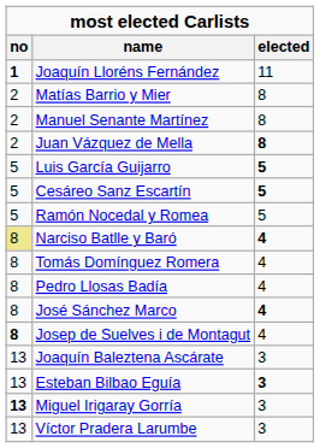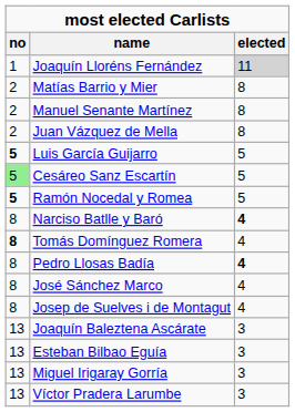 <table class=wikitable style="text-align:left; font-size:11px; float:right; margin:5px">
 <tr style="font-size: small;">
 <td colspan="12" style="text-align:center;"><strong>most elected Carlists</strong></td>
 </tr>
 <tr>
 <th>no</th>
 <th>name</th>
 <th>elected</th>
 </tr>
 <tr>
-<td><strong>1</strong></td>
+<td>1</td>
 <td><a href='#'>Joaquín Lloréns Fernández</a></td>
-<td>11</td>
+<td style="background: lightgrey;">11</td>
 </tr>
 <tr>
 <td>2</td>
 <td><a href='#'>Matías Barrio y Mier</a></td>
 <td>8</td>
 </tr>
 <tr>
 <td>2</td>
 <td><a href='#'>Manuel Senante Martínez</a></td>
 <td>8</td>
 </tr>
 <tr>
 <td>2</td>
 <td><a href='#'>Juan Vázquez de Mella</a></td>
-<td><strong>8</strong></td>
+<td>8</td>
 </tr>
 <tr>
+<td><strong>5</strong></td>
+<td><a href='#'>Luis García Guijarro</a></td>
 <td>5</td>
-<td><a href='#'>Luis García Guijarro</a></td>
-<td><strong>5</strong></td>
 </tr>
 <tr>
+<td style="background: lightgreen;">5</td>
+<td><a href='#'>Cesáreo Sanz Escartín</a></td>
 <td>5</td>
-<td><a href='#'>Cesáreo Sanz Escartín</a></td>
-<td><strong>5</strong></td>
 </tr>
 <tr>
-<td>5</td>
+<td><strong>5</strong></td>
 <td><a href='#'>Ramón Nocedal y Romea</a></td>
 <td>5</td>
 </tr>
 <tr>
-<td style="background: khaki;">8</td>
+<td>8</td>
 <td><a href='#'>Narciso Batlle y Baró</a></td>
 <td><strong>4</strong></td>
 </tr>
 <tr>
-<td>8</td>
+<td><strong>8</strong></td>
 <td><a href='#'>Tomás Domínguez Romera</a></td>
 <td>4</td>
 </tr>
 <tr>
 <td>8</td>
 <td><a href='#'>Pedro Llosas Badía</a></td>
+<td><strong>4</strong></td>
+</tr>
+<tr>
+<td>8</td>
+<td><a href='#'>José Sánchez Marco</a></td>
 <td>4</td>
 </tr>
 <tr>
 <td>8</td>
-<td><a href='#'>José Sánchez Marco</a></td>
-<td><strong>4</strong></td>
-</tr>
-<tr>
-<td><strong>8</strong></td>
 <td><a href='#'>Josep de Suelves i de Montagut</a></td>
 <td>4</td>
 </tr>
 <tr>
 <td>13</td>
 <td><a href='#'>Joaquín Baleztena Ascárate</a></td>
 <td>3</td>
 </tr>
 <tr>
 <td>13</td>
 <td><a href='#'>Esteban Bilbao Eguía</a></td>
-<td><strong>3</strong></td>
+<td>3</td>
 </tr>
 <tr>
-<td><strong>13</strong></td>
+<td>13</td>
 <td><a href='#'>Miguel Irigaray Gorría</a></td>
 <td>3</td>
 </tr>
 <tr>
 <td>13</td>
 <td><a href='#'>Víctor Pradera Larumbe</a></td>
 <td>3</td>
 </tr>
 </table>
